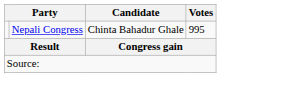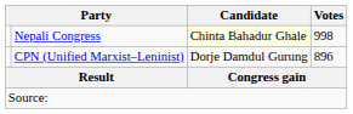 <table class="wikitable">
 <tr>
 <th colspan="2">Party</th>
 <th>Candidate</th>
 <th>Votes</th>
 </tr>
 <tr>
 <td style="background-color:"></td>
 <td><a href='#'>Nepali Congress</a></td>
-<td>Chinta Bahadur Ghale</td>
-<td>995</td>
+<td style="background: lightyellow;">Chinta Bahadur Ghale</td>
+<td>998</td>
+</tr>
+<tr>
+<td style="background-color:"></td>
+<td><a href='#'>CPN (Unified Marxist–Leninist)</a></td>
+<td>Dorje Damdul Gurung</td>
+<td>896</td>
 </tr>
 <tr>
 <th colspan="2">Result</th>
 <th colspan="2">Congress gain</th>
 </tr>
 <tr>
 <td colspan="4">Source: </td>
 </tr>
 </table>
